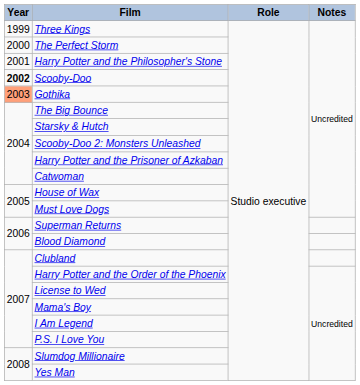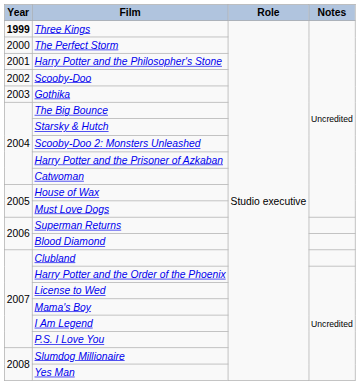 <table class="wikitable" style="font-size:95%;">
 <tr>
 <th style="background:#B0C4DE;">Year</th>
 <th style="background:#B0C4DE;">Film</th>
 <th style="background:#B0C4DE;">Role</th>
 <th style="background:#B0C4DE;">Notes</th>
 </tr>
 <tr>
-<td>1999</td>
+<td><strong>1999</strong></td>
 <td><em><a href='#'>Three Kings</a></em></td>
 <td rowspan=22>Studio executive</td>
 <td rowspan="12" style="text-align:center;"><small>Uncredited</small></td>
 </tr>
 <tr>
 <td>2000</td>
 <td><em><a href='#'>The Perfect Storm</a></em></td>
 </tr>
 <tr>
 <td>2001</td>
 <td><em><a href='#'>Harry Potter and the Philosopher's Stone</a></em></td>
 </tr>
 <tr>
-<td><strong>2002</strong></td>
+<td>2002</td>
 <td><em><a href='#'>Scooby-Doo</a></em></td>
 </tr>
 <tr>
-<td style="background: lightsalmon;">2003</td>
+<td>2003</td>
 <td><em><a href='#'>Gothika</a></em></td>
 </tr>
 <tr>
 <td rowspan=5>2004</td>
 <td><em><a href='#'>The Big Bounce</a></em></td>
 </tr>
 <tr>
 <td><em><a href='#'>Starsky & Hutch</a></em></td>
 </tr>
 <tr>
 <td><em><a href='#'>Scooby-Doo 2: Monsters Unleashed</a></em></td>
 </tr>
 <tr>
 <td><em><a href='#'>Harry Potter and the Prisoner of Azkaban</a></em></td>
 </tr>
 <tr>
 <td><em><a href='#'>Catwoman</a></em></td>
 </tr>
 <tr>
 <td rowspan=2>2005</td>
 <td><em><a href='#'>House of Wax</a></em></td>
 </tr>
 <tr>
 <td><em><a href='#'>Must Love Dogs</a></em></td>
 </tr>
 <tr>
 <td rowspan=2>2006</td>
 <td><em><a href='#'>Superman Returns</a></em></td>
 <td></td>
 </tr>
 <tr>
 <td><em><a href='#'>Blood Diamond</a></em></td>
 <td></td>
 </tr>
 <tr>
 <td rowspan=6>2007</td>
 <td><em><a href='#'>Clubland</a></em></td>
 <td></td>
 </tr>
 <tr>
 <td><em><a href='#'>Harry Potter and the Order of the Phoenix</a></em></td>
 <td rowspan="7" style="text-align:center;"><small>Uncredited</small></td>
 </tr>
 <tr>
 <td><em><a href='#'>License to Wed</a></em></td>
 </tr>
 <tr>
 <td><em><a href='#'>Mama's Boy</a></em></td>
 </tr>
 <tr>
 <td><em><a href='#'>I Am Legend</a></em></td>
 </tr>
 <tr>
 <td><em><a href='#'>P.S. I Love You</a></em></td>
 </tr>
 <tr>
 <td rowspan=2>2008</td>
 <td><em><a href='#'>Slumdog Millionaire</a></em></td>
 </tr>
 <tr>
 <td><em><a href='#'>Yes Man</a></em></td>
 </tr>
 </table>
